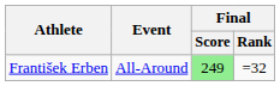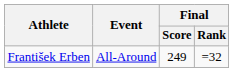 <table class="wikitable" style="font-size:90%">
 <tr>
 <th rowspan="2">Athlete</th>
 <th rowspan="2">Event</th>
 <th colspan=2>Final</th>
 </tr>
 <tr style="font-size:95%">
 <th>Score</th>
 <th>Rank</th>
 </tr>
 <tr align=center>
 <td align=left><a href='#'>František Erben</a></td>
 <td align=left><a href='#'>All-Around</a></td>
-<td style="background: lightgreen;">249</td>
+<td>249</td>
 <td>=32</td>
 </tr>
 </table>
